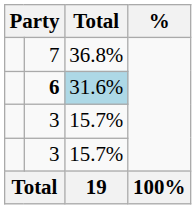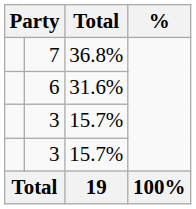 <table class=wikitable style="text-align:right;">
 <tr>
 <th colspan=2>Party</th>
 <th>Total</th>
 <th>%</th>
 </tr>
 <tr>
 <td></td>
 <td>7</td>
 <td>36.8%</td>
 </tr>
 <tr>
 <td></td>
-<td><strong>6</strong></td>
-<td style="background: lightblue;">31.6%</td>
+<td>6</td>
+<td>31.6%</td>
 </tr>
 <tr>
 <td></td>
 <td>3</td>
 <td>15.7%</td>
 </tr>
 <tr>
 <td></td>
 <td>3</td>
 <td>15.7%</td>
 </tr>
 <tr>
 <th colspan=2>Total</th>
 <th>19</th>
 <th>100%</th>
 </tr>
 </table>
